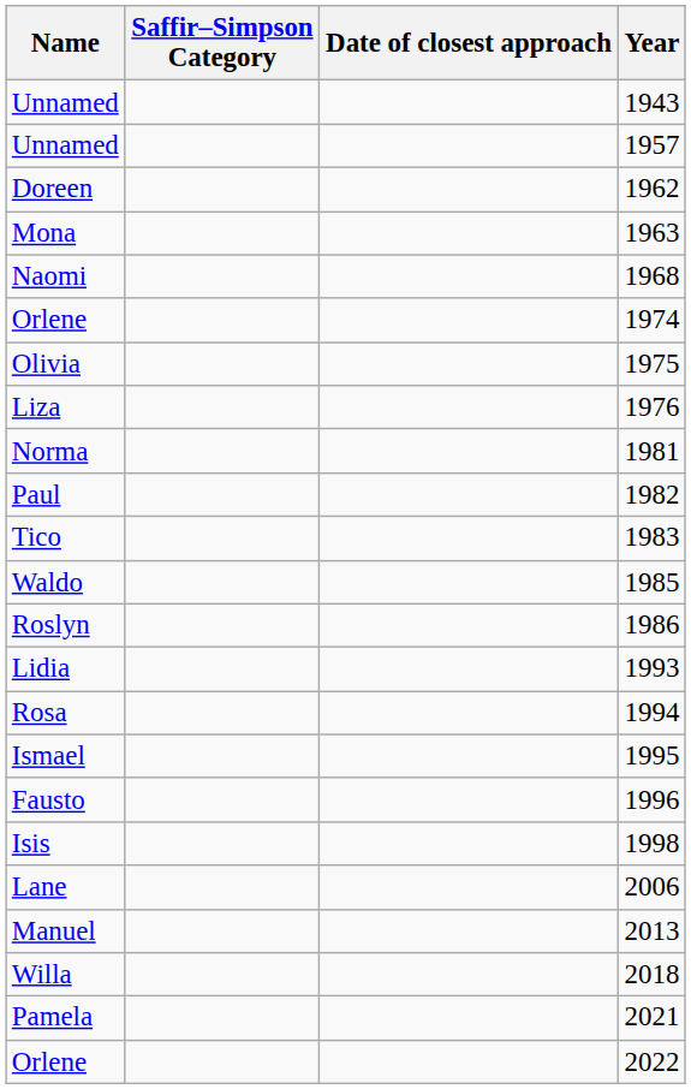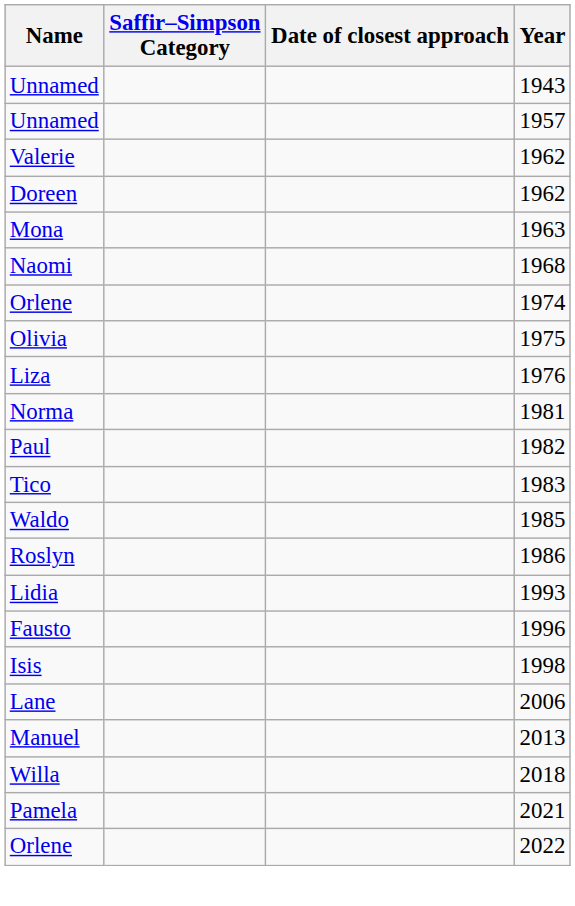 <table class = "wikitable" style="margin:1em auto;">
 <tr>
 <th>Name</th>
 <th><a href='#'>Saffir–Simpson</a><br>Category</th>
 <th>Date of closest approach</th>
 <th>Year</th>
 </tr>
 <tr>
 <td><a href='#'>Unnamed</a></td>
 <td></td>
 <td></td>
 <td>1943</td>
 </tr>
 <tr>
 <td><a href='#'>Unnamed</a></td>
 <td></td>
 <td></td>
 <td>1957</td>
+</tr>
+<tr>
+<td><a href='#'>Valerie</a></td>
+<td></td>
+<td></td>
+<td>1962</td>
 </tr>
 <tr>
 <td><a href='#'>Doreen</a></td>
 <td></td>
 <td></td>
 <td>1962</td>
 </tr>
 <tr>
 <td><a href='#'>Mona</a></td>
 <td></td>
 <td></td>
 <td>1963</td>
 </tr>
 <tr>
 <td><a href='#'>Naomi</a></td>
 <td></td>
 <td></td>
 <td>1968</td>
 </tr>
 <tr>
 <td><a href='#'>Orlene</a></td>
 <td></td>
 <td></td>
 <td>1974</td>
 </tr>
 <tr>
 <td><a href='#'>Olivia</a></td>
 <td></td>
 <td></td>
 <td>1975</td>
 </tr>
 <tr>
 <td><a href='#'>Liza</a></td>
 <td></td>
 <td></td>
 <td>1976</td>
 </tr>
 <tr>
 <td><a href='#'>Norma</a></td>
 <td></td>
 <td></td>
 <td>1981</td>
 </tr>
 <tr>
 <td><a href='#'>Paul</a></td>
 <td></td>
 <td></td>
 <td>1982</td>
 </tr>
 <tr>
 <td><a href='#'>Tico</a></td>
 <td></td>
 <td></td>
 <td>1983</td>
 </tr>
 <tr>
 <td><a href='#'>Waldo</a></td>
 <td></td>
 <td></td>
 <td>1985</td>
 </tr>
 <tr>
 <td><a href='#'>Roslyn</a></td>
 <td></td>
 <td></td>
 <td>1986</td>
 </tr>
 <tr>
 <td><a href='#'>Lidia</a></td>
 <td></td>
 <td></td>
 <td>1993</td>
 </tr>
 <tr>
-<td><a href='#'>Rosa</a></td>
-<td></td>
-<td></td>
-<td>1994</td>
-</tr>
-<tr>
-<td><a href='#'>Ismael</a></td>
-<td></td>
-<td></td>
-<td>1995</td>
-</tr>
-<tr>
 <td><a href='#'>Fausto</a></td>
 <td></td>
 <td></td>
 <td>1996</td>
 </tr>
 <tr>
 <td><a href='#'>Isis</a></td>
 <td></td>
 <td></td>
 <td>1998</td>
 </tr>
 <tr>
 <td><a href='#'>Lane</a></td>
 <td></td>
 <td></td>
 <td>2006</td>
 </tr>
 <tr>
 <td><a href='#'>Manuel</a></td>
 <td></td>
 <td></td>
 <td>2013</td>
 </tr>
 <tr>
 <td><a href='#'>Willa</a></td>
 <td></td>
 <td></td>
 <td>2018</td>
 </tr>
 <tr>
 <td><a href='#'>Pamela</a></td>
 <td></td>
 <td></td>
 <td>2021</td>
 </tr>
 <tr>
 <td><a href='#'>Orlene</a></td>
 <td></td>
 <td></td>
 <td>2022</td>
 </tr>
 </table>
